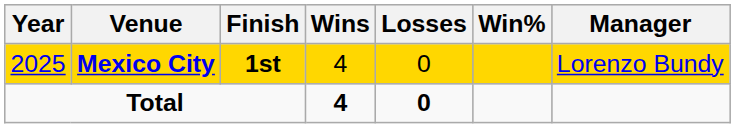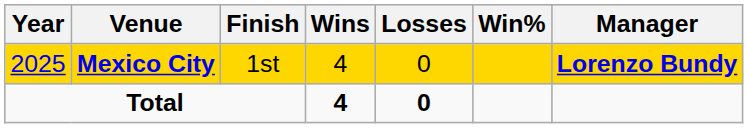 <table class="wikitable sortable plainrowheaders" style="text-align:center;">
 <tr>
 <th scope="col">Year</th>
 <th scope="col">Venue</th>
 <th scope="col">Finish</th>
 <th scope="col">Wins</th>
 <th scope="col">Losses</th>
 <th scope="col">Win%</th>
 <th scope="col">Manager</th>
 </tr>
 <tr style="background:gold;">
 <td><a href='#'>2025</a></td>
 <td align=left><strong> <a href='#'>Mexico City</a></strong></td>
-<td><strong>1st</strong></td>
+<td>1st</td>
 <td>4</td>
 <td>0</td>
 <td></td>
-<td align=left> <a href='#'>Lorenzo Bundy</a></td>
+<td align=left><strong> <a href='#'>Lorenzo Bundy</a></strong></td>
 </tr>
 <tr style="text-align:center; ">
 <td colspan="3"><strong>Total</strong></td>
 <td><strong>4</strong></td>
 <td><strong>0</strong></td>
 <td><strong></strong></td>
 <td></td>
 </tr>
 </table>
